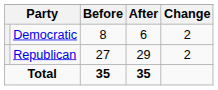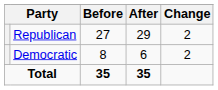 <table class="wikitable" style="text-align:center;">
 <tr>
 </tr>
 <tr>
 <th colspan=2>Party</th>
 <th>Before</th>
 <th>After</th>
 <th>Change</th>
 </tr>
 <tr>
 <th style="background-color:"></th>
-<td style="text-align:left;"><a href='#'>Democratic</a></td>
-<td>8</td>
-<td>6</td>
+<td style="text-align:left;"><a href='#'>Republican</a></td>
+<td>27</td>
+<td>29</td>
 <td> 2</td>
 </tr>
 <tr>
 <th style="background-color:"></th>
-<td style="text-align:left;"><a href='#'>Republican</a></td>
-<td>27</td>
-<td>29</td>
+<td style="text-align:left;"><a href='#'>Democratic</a></td>
+<td>8</td>
+<td>6</td>
 <td> 2</td>
 </tr>
 <tr>
 <td colspan=2><strong>Total</strong></td>
 <td><strong>35</strong></td>
 <td><strong>35</strong></td>
 <td></td>
 </tr>
 </table>
